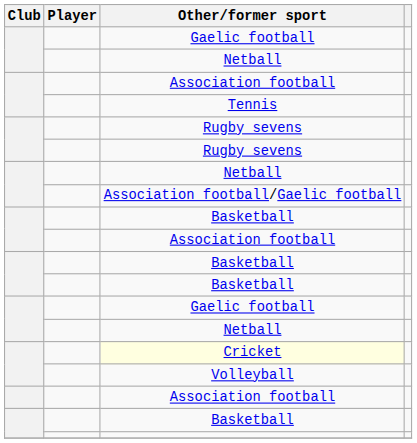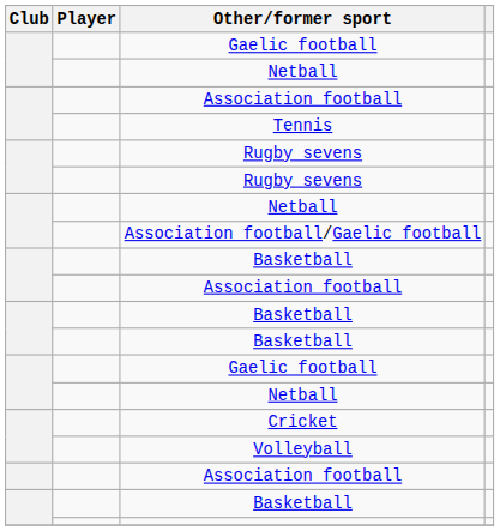 <table class="wikitable sortable plainrowheaders" style="text-align:center;">
 <tr>
 <th scope="col">Club</th>
 <th scope="col">Player</th>
 <th scope="col">Other/former sport</th>
 <th class="unsortable"></th>
 </tr>
 <tr>
 <th scope="row" rowspan=2></th>
 <td></td>
 <td><a href='#'>Gaelic football</a></td>
 <td></td>
 </tr>
 <tr>
 <td></td>
 <td><a href='#'>Netball</a></td>
 <td></td>
 </tr>
 <tr>
 <th scope="row" rowspan=2></th>
 <td></td>
 <td><a href='#'>Association football</a></td>
 <td></td>
 </tr>
 <tr>
 <td></td>
 <td><a href='#'>Tennis</a></td>
 <td></td>
 </tr>
 <tr>
 <th scope="row" rowspan=2></th>
 <td></td>
 <td><a href='#'>Rugby sevens</a></td>
 <td></td>
 </tr>
 <tr>
 <td></td>
 <td><a href='#'>Rugby sevens</a></td>
 <td></td>
 </tr>
 <tr>
 <th scope="row" rowspan=2></th>
 <td></td>
 <td><a href='#'>Netball</a></td>
 <td></td>
 </tr>
 <tr>
 <td></td>
 <td><a href='#'>Association football</a>/<a href='#'>Gaelic football</a></td>
 <td></td>
 </tr>
 <tr>
 <th scope="row" rowspan=2></th>
 <td></td>
 <td><a href='#'>Basketball</a></td>
 <td></td>
 </tr>
 <tr>
 <td></td>
 <td><a href='#'>Association football</a></td>
 <td></td>
 </tr>
 <tr>
 <th scope="row" rowspan=2></th>
 <td></td>
 <td><a href='#'>Basketball</a></td>
 <td></td>
 </tr>
 <tr>
 <td></td>
 <td><a href='#'>Basketball</a></td>
 <td></td>
 </tr>
 <tr>
 <th scope="row" rowspan=2></th>
 <td></td>
 <td><a href='#'>Gaelic football</a></td>
 <td></td>
 </tr>
 <tr>
 <td></td>
 <td><a href='#'>Netball</a></td>
 <td></td>
 </tr>
 <tr>
 <th scope="row" rowspan=2></th>
 <td></td>
-<td style="background: lightyellow;"><a href='#'>Cricket</a></td>
+<td><a href='#'>Cricket</a></td>
 <td></td>
 </tr>
 <tr>
 <td></td>
 <td><a href='#'>Volleyball</a></td>
 <td></td>
 </tr>
 <tr>
 <th scope="row" rowspan=1></th>
 <td></td>
 <td><a href='#'>Association football</a></td>
 <td></td>
 </tr>
 <tr>
 <th scope="row" rowspan=2></th>
 <td></td>
 <td><a href='#'>Basketball</a></td>
 <td></td>
 </tr>
 <tr>
 <td></td>
 <td></td>
 <td></td>
 </tr>
 <tr>
 </tr>
 </table>
